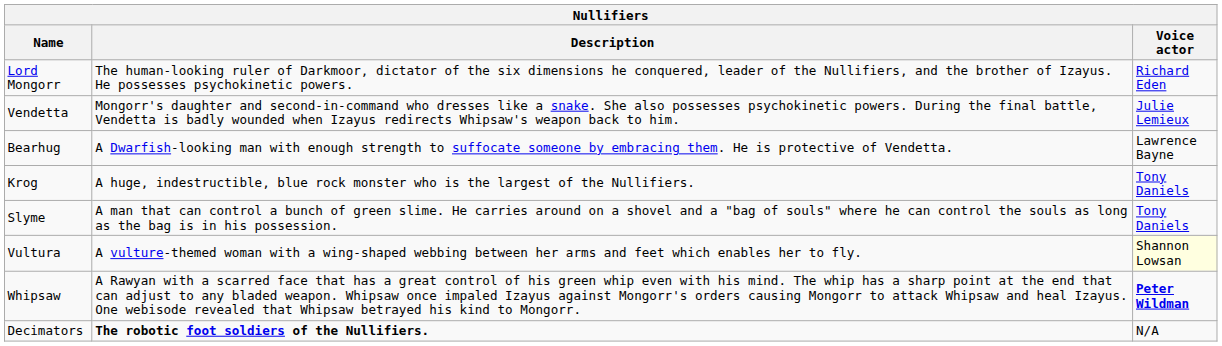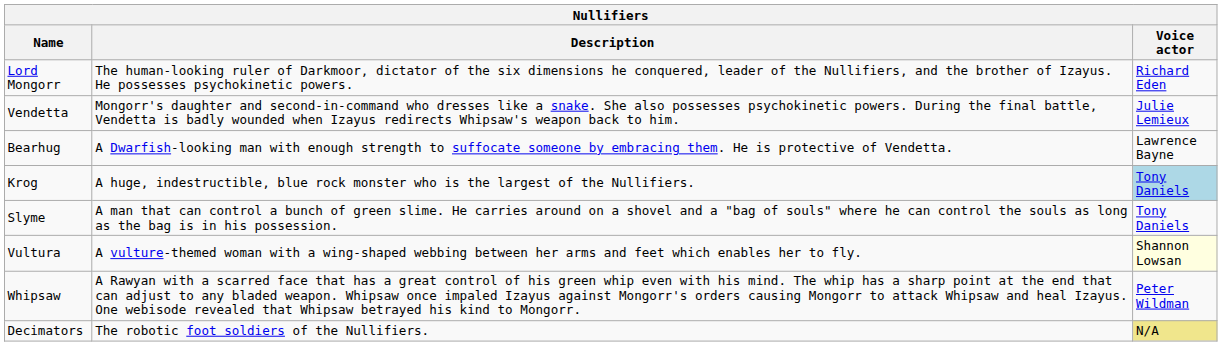 <table class="wikitable">
 <tr>
 <th colspan=6>Nullifiers</th>
 </tr>
 <tr>
 <th>Name</th>
 <th>Description</th>
 <th>Voice actor</th>
 </tr>
 <tr>
 <td><a href='#'>Lord</a> Mongorr</td>
 <td>The human-looking ruler of Darkmoor, dictator of the six dimensions he conquered, leader of the Nullifiers, and the brother of Izayus. He possesses psychokinetic powers.</td>
 <td><a href='#'>Richard Eden</a></td>
 </tr>
 <tr>
 <td>Vendetta</td>
 <td>Mongorr's daughter and second-in-command who dresses like a <a href='#'>snake</a>. She also possesses psychokinetic powers. During the final battle, Vendetta is badly wounded when Izayus redirects Whipsaw's weapon back to him.</td>
 <td><a href='#'>Julie Lemieux</a></td>
 </tr>
 <tr>
 <td>Bearhug</td>
 <td>A <a href='#'>Dwarfish</a>-looking man with enough strength to <a href='#'>suffocate someone by embracing them</a>. He is protective of Vendetta.</td>
 <td>Lawrence Bayne</td>
 </tr>
 <tr>
 <td>Krog</td>
 <td>A huge, indestructible, blue rock monster who is the largest of the Nullifiers.</td>
-<td><a href='#'>Tony Daniels</a></td>
+<td style="background: lightblue;"><a href='#'>Tony Daniels</a></td>
 </tr>
 <tr>
 <td>Slyme</td>
 <td>A man that can control a bunch of green slime. He carries around on a shovel and a "bag of souls" where he can control the souls as long as the bag is in his possession.</td>
 <td><a href='#'>Tony Daniels</a></td>
 </tr>
 <tr>
 <td>Vultura</td>
 <td>A <a href='#'>vulture</a>-themed woman with a wing-shaped webbing between her arms and feet which enables her to fly.</td>
 <td style="background: lightyellow;">Shannon Lowsan</td>
 </tr>
 <tr>
 <td>Whipsaw</td>
 <td>A Rawyan with a scarred face that has a great control of his green whip even with his mind. The whip has a sharp point at the end that can adjust to any bladed weapon. Whipsaw once impaled Izayus against Mongorr's orders causing Mongorr to attack Whipsaw and heal Izayus. One webisode revealed that Whipsaw betrayed his kind to Mongorr.</td>
-<td><strong><a href='#'>Peter Wildman</a></strong></td>
+<td><a href='#'>Peter Wildman</a></td>
 </tr>
 <tr>
 <td>Decimators</td>
-<td><strong>The robotic <a href='#'>foot soldiers</a> of the Nullifiers.</strong></td>
-<td>N/A</td>
+<td>The robotic <a href='#'>foot soldiers</a> of the Nullifiers.</td>
+<td style="background: khaki;">N/A</td>
 </tr>
 </table>
